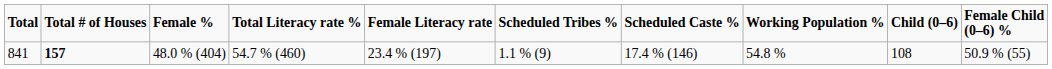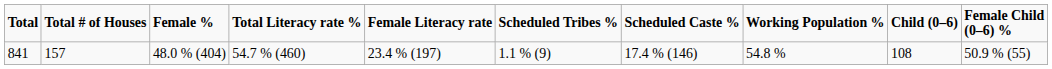 <table class="wikitable">
 <tr>
 <td><strong>Total</strong></td>
 <td><strong>Total # of  Houses</strong></td>
 <td><strong>Female %</strong></td>
 <td><strong>Total  Literacy rate %</strong></td>
 <td><strong>Female  Literacy rate</strong></td>
 <td><strong>Scheduled  Tribes %</strong></td>
 <td><strong>Scheduled  Caste %</strong></td>
 <td><strong>Working  Population %</strong></td>
 <td><strong>Child (0–6)</strong></td>
 <td><strong>Female Child</strong><br><strong>(0–6) %</strong></td>
 </tr>
 <tr>
 <td>841</td>
-<td><strong>157</strong></td>
+<td>157</td>
 <td>48.0 % (404)</td>
 <td>54.7 % (460)</td>
 <td>23.4 % (197)</td>
 <td>1.1 % (9)</td>
 <td>17.4 % (146)</td>
 <td>54.8 %</td>
 <td>108</td>
 <td>50.9 % (55)</td>
 </tr>
 </table>
